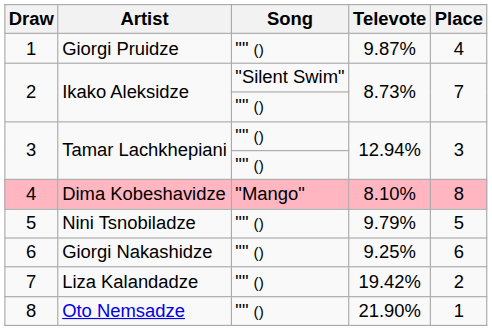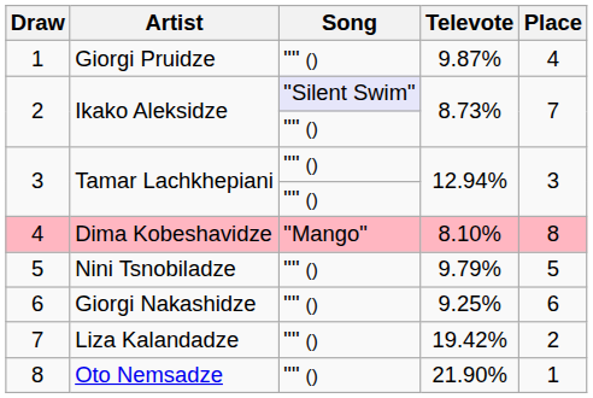 <table class="sortable wikitable" style="margin: 1em auto 1em auto; text-align:center">
 <tr>
 <th>Draw</th>
 <th>Artist</th>
 <th>Song</th>
 <th>Televote</th>
 <th>Place</th>
 </tr>
 <tr>
 <td>1</td>
 <td align="left">Giorgi Pruidze</td>
 <td align="left">"" <small>()</small></td>
 <td>9.87%</td>
 <td>4</td>
 </tr>
 <tr>
 <td rowspan="2">2</td>
 <td rowspan="2" align="left">Ikako Aleksidze</td>
-<td align="left">"Silent Swim"</td>
+<td align="left" style="background: lavender;">"Silent Swim"</td>
 <td rowspan="2">8.73%</td>
 <td rowspan="2">7</td>
 </tr>
 <tr>
 <td align="left">"" <small>()</small></td>
 </tr>
 <tr>
 <td rowspan="2">3</td>
 <td rowspan="2" align="left">Tamar Lachkhepiani</td>
 <td align="left">"" <small>()</small></td>
 <td rowspan="2">12.94%</td>
 <td rowspan="2">3</td>
 </tr>
 <tr>
 <td align="left">"" <small>()</small></td>
 </tr>
 <tr style="background:lightpink;">
 <td>4</td>
 <td align="left">Dima Kobeshavidze</td>
 <td align="left">"Mango"</td>
 <td>8.10%</td>
 <td>8</td>
 </tr>
 <tr>
 <td>5</td>
 <td align="left">Nini Tsnobiladze</td>
 <td align="left">"" <small>()</small></td>
 <td>9.79%</td>
 <td>5</td>
 </tr>
 <tr>
 <td>6</td>
 <td align="left">Giorgi Nakashidze</td>
 <td align="left">"" <small>()</small></td>
 <td>9.25%</td>
 <td>6</td>
 </tr>
 <tr>
 <td>7</td>
 <td align="left">Liza Kalandadze</td>
 <td align="left">"" <small>()</small></td>
 <td>19.42%</td>
 <td>2</td>
 </tr>
 <tr>
 <td>8</td>
 <td align="left"><a href='#'>Oto Nemsadze</a></td>
 <td align="left">"" <small>()</small></td>
 <td>21.90%</td>
 <td>1</td>
 </tr>
 </table>
